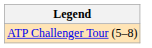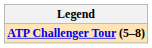 <table class=wikitable style=font-size:97%>
 <tr>
 <th>Legend</th>
 </tr>
 <tr bgcolor=moccasin>
-<td><a href='#'>ATP Challenger Tour</a> (5–8)</td>
+<td><strong><a href='#'>ATP Challenger Tour</a> (5–8)</strong></td>
 </tr>
 </table>
